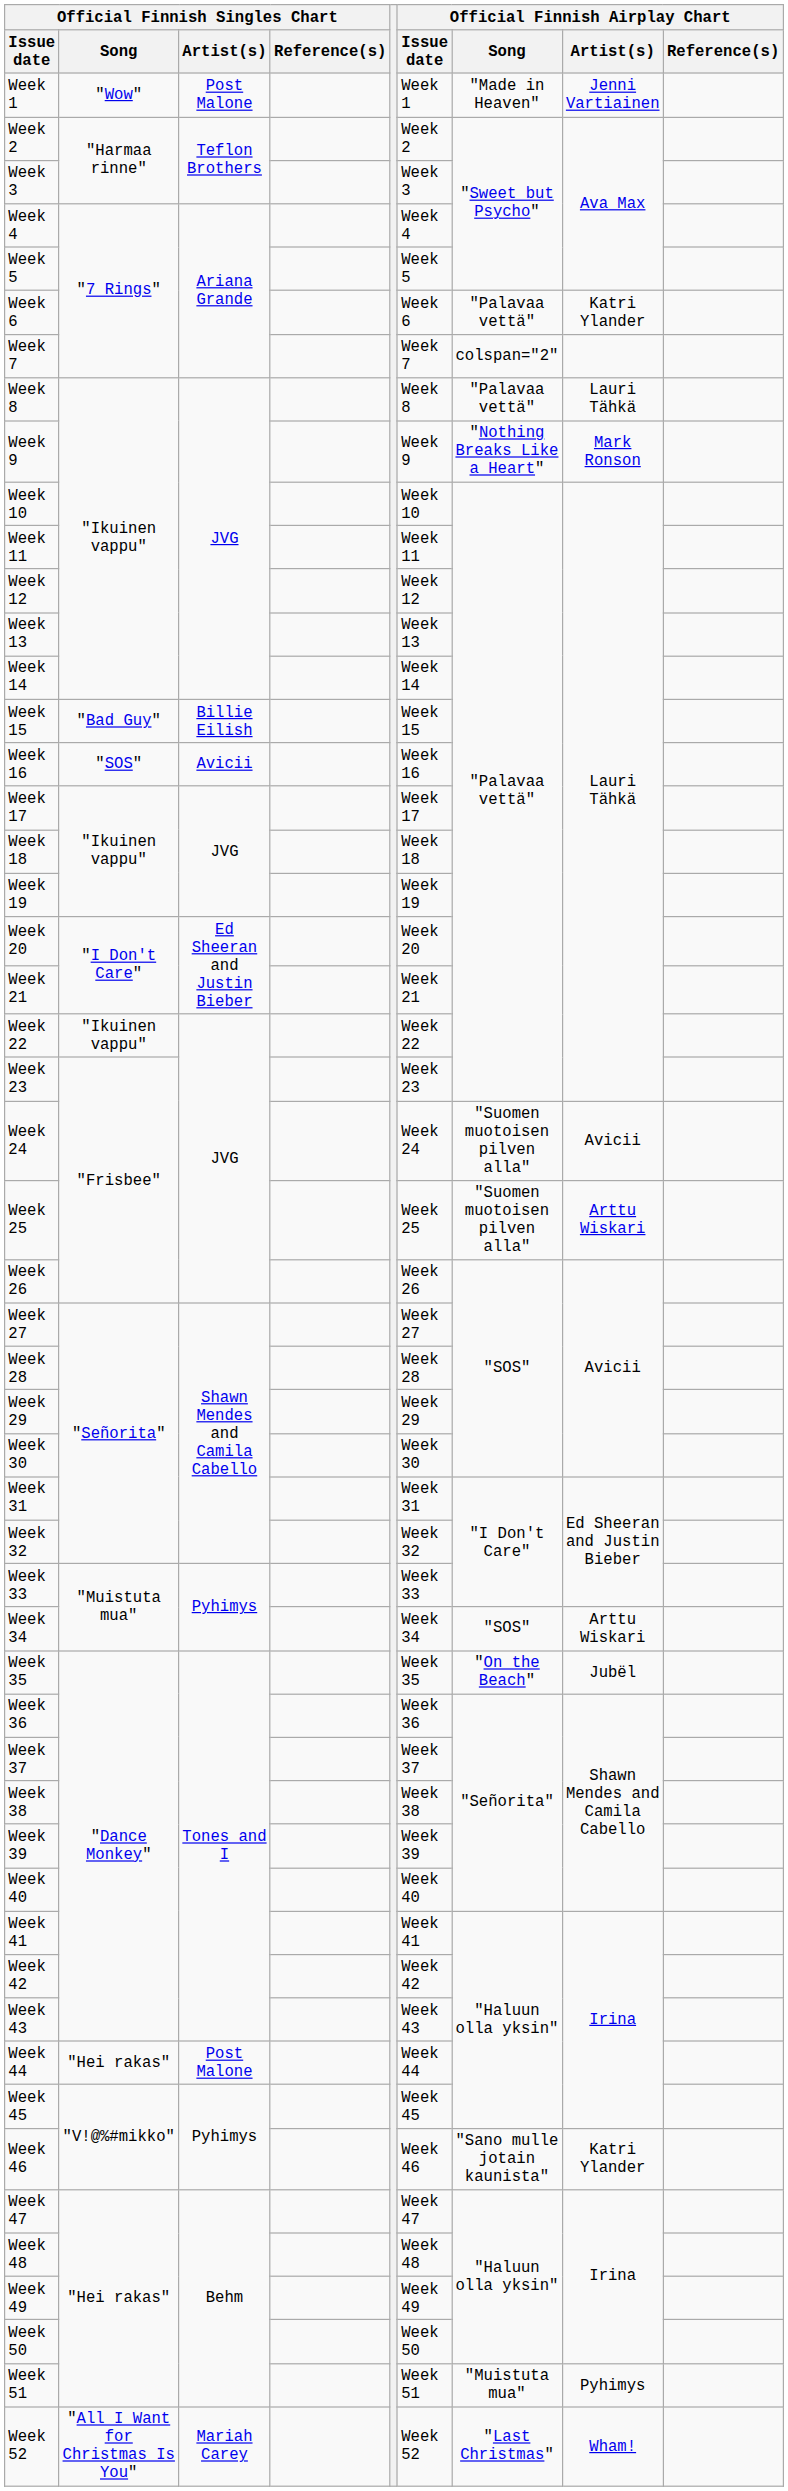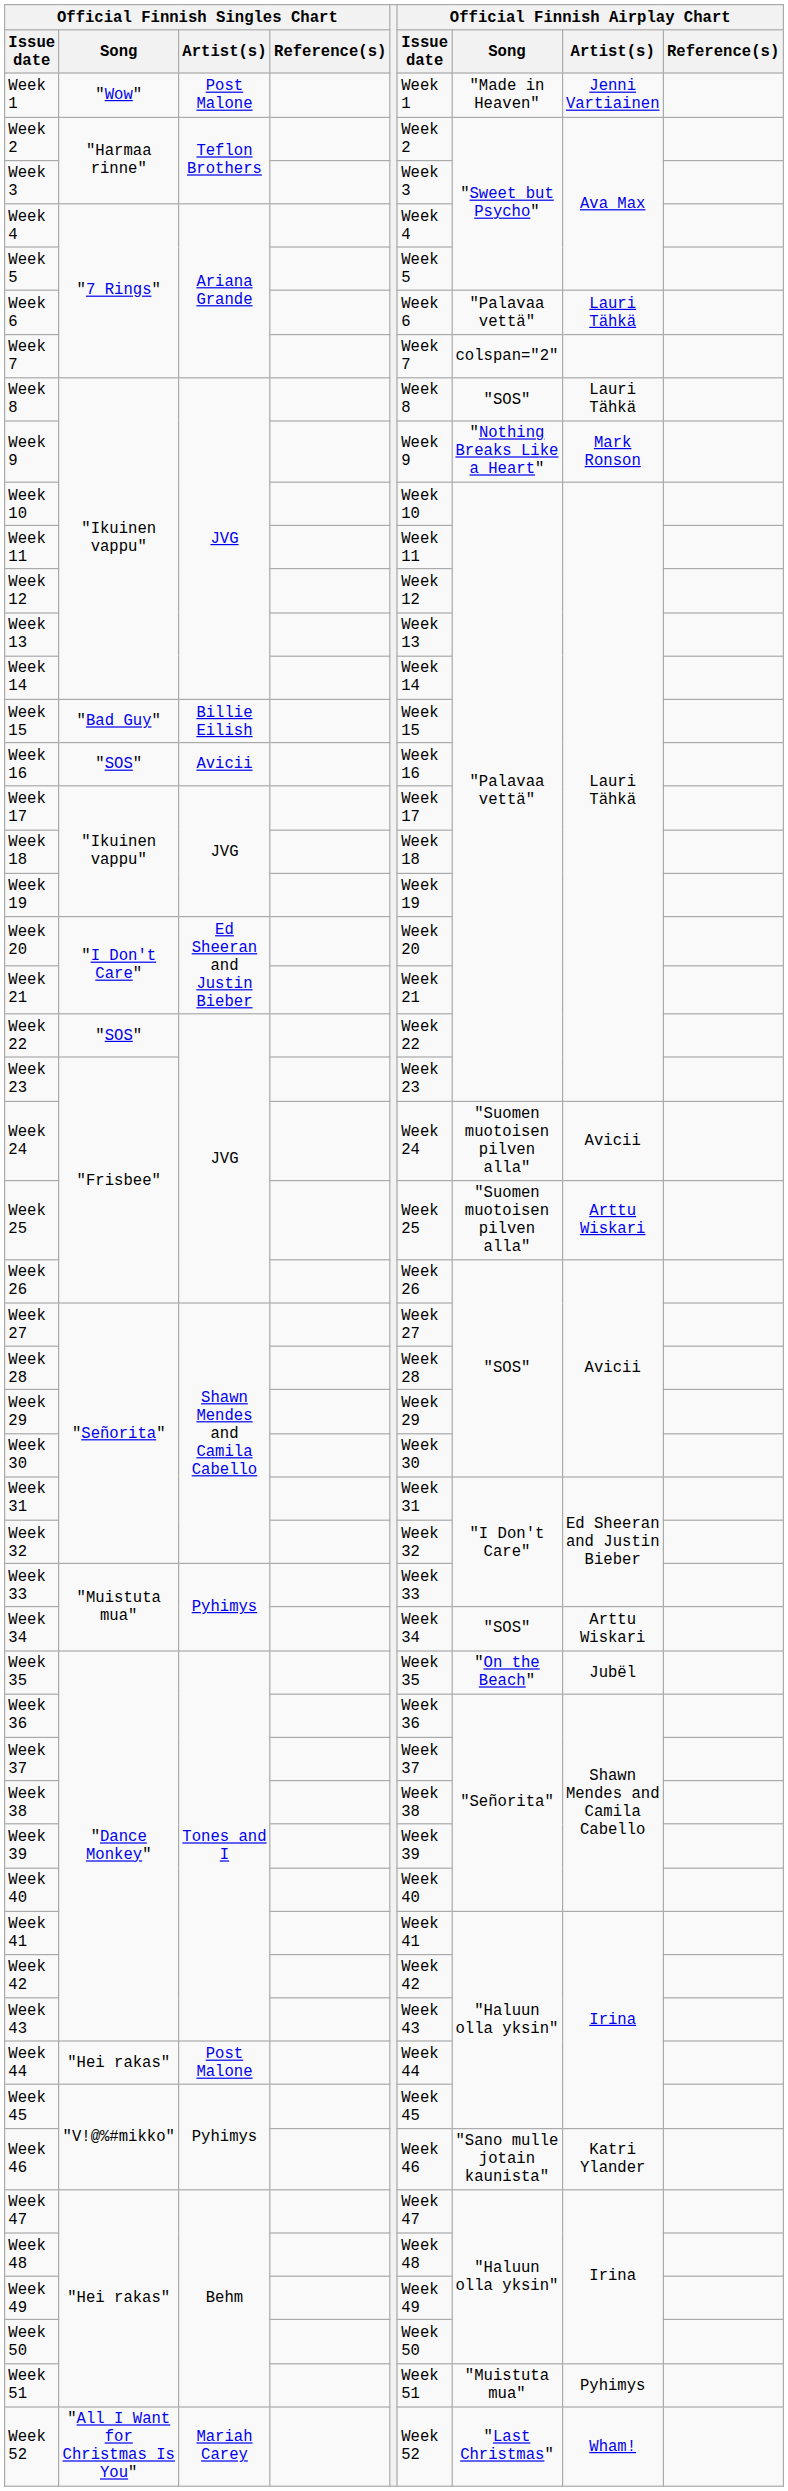 <table class="wikitable">
 <tr>
 <th style="text-align: center;" colspan="4">Official Finnish Singles Chart</th>
 <th style="text-align: center;" colspan="1" rowspan="54"></th>
 <th style="text-align: center;" colspan="4">Official Finnish Airplay Chart</th>
 </tr>
 <tr>
 <th style="text-align: center;">Issue date</th>
 <th style="text-align: center;">Song</th>
 <th style="text-align: center;">Artist(s)</th>
 <th style="text-align: center;">Reference(s)</th>
 <th style="text-align: center;">Issue date</th>
 <th style="text-align: center;">Song</th>
 <th style="text-align: center;">Artist(s)</th>
 <th style="text-align: center;">Reference(s)</th>
 </tr>
 <tr>
 <td>Week 1</td>
 <td style="text-align: center;">"<a href='#'>Wow</a>"</td>
 <td style="text-align: center;"><a href='#'>Post Malone</a></td>
 <td style="text-align: center;"></td>
 <td style="text-align: left;">Week 1</td>
 <td style="text-align: center;">"Made in Heaven"</td>
 <td style="text-align: center;"><a href='#'>Jenni Vartiainen</a></td>
 <td style="text-align: center;"></td>
 </tr>
 <tr>
 <td>Week 2</td>
 <td style="text-align: center;" rowspan="2">"Harmaa rinne"</td>
 <td style="text-align: center;" rowspan="2"><a href='#'>Teflon Brothers</a></td>
 <td style="text-align: center;"></td>
 <td style="text-align: left;">Week 2</td>
 <td style="text-align: center;" rowspan="4">"<a href='#'>Sweet but Psycho</a>"</td>
 <td style="text-align: center;" rowspan="4"><a href='#'>Ava Max</a></td>
 <td style="text-align: center;"></td>
 </tr>
 <tr>
 <td>Week 3</td>
 <td style="text-align: center;"></td>
 <td style="text-align: left;">Week 3</td>
 <td style="text-align: center;"></td>
 </tr>
 <tr>
 <td>Week 4</td>
 <td style="text-align: center;" rowspan="4">"<a href='#'>7 Rings</a>"</td>
 <td style="text-align: center;" rowspan="4"><a href='#'>Ariana Grande</a></td>
 <td style="text-align: center;"></td>
 <td style="text-align: left;">Week 4</td>
 <td style="text-align: center;"></td>
 </tr>
 <tr>
 <td>Week 5</td>
 <td style="text-align: center;"></td>
 <td style="text-align: left;">Week 5</td>
 <td style="text-align: center;"></td>
 </tr>
 <tr>
 <td>Week 6</td>
 <td style="text-align: center;"></td>
 <td style="text-align: left;">Week 6</td>
 <td style="text-align: center;">"Palavaa vettä"</td>
-<td style="text-align: center;">Katri Ylander</td>
+<td style="text-align: center;"><a href='#'>Lauri Tähkä</a></td>
 <td style="text-align: center;"></td>
 </tr>
 <tr>
 <td>Week 7</td>
 <td style="text-align: center;"></td>
 <td style="text-align: left;">Week 7</td>
 <td>colspan="2" </td>
 <td style="text-align: center;"></td>
 </tr>
 <tr>
 <td>Week 8</td>
 <td style="text-align: center;" rowspan="7">"Ikuinen vappu"</td>
 <td style="text-align: center;" rowspan="7"><a href='#'>JVG</a></td>
 <td style="text-align: center;"></td>
 <td style="text-align: left;">Week 8</td>
-<td style="text-align: center;">"Palavaa vettä"</td>
+<td style="text-align: center;">"SOS"</td>
 <td style="text-align: center;">Lauri Tähkä</td>
 <td style="text-align: center;"></td>
 </tr>
 <tr>
 <td>Week 9</td>
 <td style="text-align: center;"></td>
 <td style="text-align: left;">Week 9</td>
 <td style="text-align: center;">"<a href='#'>Nothing Breaks Like a Heart</a>"</td>
 <td style="text-align: center;"><a href='#'>Mark Ronson</a><br></td>
 <td style="text-align: center;"></td>
 </tr>
 <tr>
 <td>Week 10</td>
 <td style="text-align: center;"></td>
 <td style="text-align: left;">Week 10</td>
 <td style="text-align: center;" rowspan="14">"Palavaa vettä"</td>
 <td style="text-align: center;" rowspan="14">Lauri Tähkä</td>
 <td style="text-align: center;"></td>
 </tr>
 <tr>
 <td>Week 11</td>
 <td style="text-align: center;"></td>
 <td style="text-align: left;">Week 11</td>
 <td style="text-align: center;"></td>
 </tr>
 <tr>
 <td>Week 12</td>
 <td style="text-align: center;"></td>
 <td style="text-align: left;">Week 12</td>
 <td style="text-align: center;"></td>
 </tr>
 <tr>
 <td>Week 13</td>
 <td style="text-align: center;"></td>
 <td style="text-align: left;">Week 13</td>
 <td style="text-align: center;"></td>
 </tr>
 <tr>
 <td>Week 14</td>
 <td style="text-align: center;"></td>
 <td style="text-align: left;">Week 14</td>
 <td style="text-align: center;"></td>
 </tr>
 <tr>
 <td>Week 15</td>
 <td style="text-align: center;">"<a href='#'>Bad Guy</a>"</td>
 <td style="text-align: center;"><a href='#'>Billie Eilish</a></td>
 <td style="text-align: center;"></td>
 <td style="text-align: left;">Week 15</td>
 <td style="text-align: center;"></td>
 </tr>
 <tr>
 <td>Week 16</td>
 <td style="text-align: center;">"<a href='#'>SOS</a>"</td>
 <td style="text-align: center;"><a href='#'>Avicii</a><br></td>
 <td style="text-align: center;"></td>
 <td style="text-align: left;">Week 16</td>
 <td style="text-align: center;"></td>
 </tr>
 <tr>
 <td>Week 17</td>
 <td style="text-align: center;" rowspan="3">"Ikuinen vappu"</td>
 <td style="text-align: center;" rowspan="3">JVG</td>
 <td style="text-align: center;"></td>
 <td style="text-align: left;">Week 17</td>
 <td style="text-align: center;"></td>
 </tr>
 <tr>
 <td>Week 18</td>
 <td style="text-align: center;"></td>
 <td style="text-align: left;">Week 18</td>
 <td style="text-align: center;"></td>
 </tr>
 <tr>
 <td>Week 19</td>
 <td style="text-align: center;"></td>
 <td style="text-align: left;">Week 19</td>
 <td style="text-align: center;"></td>
 </tr>
 <tr>
 <td>Week 20</td>
 <td style="text-align: center;" rowspan="2">"<a href='#'>I Don't Care</a>"</td>
 <td style="text-align: center;" rowspan="2"><a href='#'>Ed Sheeran</a> and <a href='#'>Justin Bieber</a></td>
 <td style="text-align: center;"></td>
 <td style="text-align: left;">Week 20</td>
 <td style="text-align: center;"></td>
 </tr>
 <tr>
 <td>Week 21</td>
 <td style="text-align: center;"></td>
 <td style="text-align: left;">Week 21</td>
 <td style="text-align: center;"></td>
 </tr>
 <tr>
 <td>Week 22</td>
-<td style="text-align: center;">"Ikuinen vappu"</td>
+<td style="text-align: center;">"<a href='#'>SOS</a>"</td>
 <td style="text-align: center;" rowspan="5">JVG</td>
 <td style="text-align: center;"></td>
 <td style="text-align: left;">Week 22</td>
 <td style="text-align: center;"></td>
 </tr>
 <tr>
 <td>Week 23</td>
 <td style="text-align: center;" rowspan="4">"Frisbee"</td>
 <td style="text-align: center;"></td>
 <td style="text-align: left;">Week 23</td>
 <td style="text-align: center;"></td>
 </tr>
 <tr>
 <td>Week 24</td>
 <td style="text-align: center;"></td>
 <td style="text-align: left;">Week 24</td>
 <td style="text-align: center;">"Suomen muotoisen pilven alla"</td>
 <td style="text-align: center;">Avicii<br></td>
 <td style="text-align: center;"></td>
 </tr>
 <tr>
 <td>Week 25</td>
 <td style="text-align: center;"></td>
 <td style="text-align: left;">Week 25</td>
 <td style="text-align: center;">"Suomen muotoisen pilven alla"</td>
 <td style="text-align: center;"><a href='#'>Arttu Wiskari</a></td>
 <td style="text-align: center;"></td>
 </tr>
 <tr>
 <td>Week 26</td>
 <td style="text-align: center;"></td>
 <td style="text-align: left;">Week 26</td>
 <td style="text-align: center;" rowspan="5">"SOS"</td>
 <td style="text-align: center;" rowspan="5">Avicii<br></td>
 <td style="text-align: center;"></td>
 </tr>
 <tr>
 <td>Week 27</td>
 <td style="text-align: center;" rowspan="6">"<a href='#'>Señorita</a>"</td>
 <td style="text-align: center;" rowspan="6"><a href='#'>Shawn Mendes</a> and <a href='#'>Camila Cabello</a></td>
 <td style="text-align: center;"></td>
 <td style="text-align: left;">Week 27</td>
 <td style="text-align: center;"></td>
 </tr>
 <tr>
 <td>Week 28</td>
 <td style="text-align: center;"></td>
 <td style="text-align: left;">Week 28</td>
 <td style="text-align: center;"></td>
 </tr>
 <tr>
 <td>Week 29</td>
 <td style="text-align: center;"></td>
 <td style="text-align: left;">Week 29</td>
 <td style="text-align: center;"></td>
 </tr>
 <tr>
 <td>Week 30</td>
 <td style="text-align: center;"></td>
 <td style="text-align: left;">Week 30</td>
 <td style="text-align: center;"></td>
 </tr>
 <tr>
 <td>Week 31</td>
 <td style="text-align: center;"></td>
 <td style="text-align: left;">Week 31</td>
 <td style="text-align: center;" rowspan="3">"I Don't Care"</td>
 <td style="text-align: center;" rowspan="3">Ed Sheeran and Justin Bieber</td>
 <td style="text-align: center;"></td>
 </tr>
 <tr>
 <td>Week 32</td>
 <td style="text-align: center;"></td>
 <td style="text-align: left;">Week 32</td>
 <td style="text-align: center;"></td>
 </tr>
 <tr>
 <td>Week 33</td>
 <td style="text-align: center;" rowspan="2">"Muistuta mua"</td>
 <td style="text-align: center;" rowspan="2"><a href='#'>Pyhimys</a></td>
 <td style="text-align: center;"></td>
 <td style="text-align: left;">Week 33</td>
 <td style="text-align: center;"></td>
 </tr>
 <tr>
 <td>Week 34</td>
 <td style="text-align: center;"></td>
 <td style="text-align: left;">Week 34</td>
 <td style="text-align: center;">"SOS"</td>
 <td style="text-align: center;">Arttu Wiskari</td>
 <td style="text-align: center;"></td>
 </tr>
 <tr>
 <td>Week 35</td>
 <td style="text-align: center;" rowspan="9">"<a href='#'>Dance Monkey</a>"</td>
 <td style="text-align: center;" rowspan="9"><a href='#'>Tones and I</a></td>
 <td style="text-align: center;"></td>
 <td style="text-align: left;">Week 35</td>
 <td style="text-align: center;">"<a href='#'>On the Beach</a>"</td>
 <td style="text-align: center;">Jubël</td>
 <td style="text-align: center;"></td>
 </tr>
 <tr>
 <td>Week 36</td>
 <td style="text-align: center;"></td>
 <td style="text-align: left;">Week 36</td>
 <td style="text-align: center;" rowspan="5">"Señorita"</td>
 <td style="text-align: center;" rowspan="5">Shawn Mendes and Camila Cabello</td>
 <td style="text-align: center;"></td>
 </tr>
 <tr>
 <td>Week 37</td>
 <td style="text-align: center;"></td>
 <td style="text-align: left;">Week 37</td>
 <td style="text-align: center;"></td>
 </tr>
 <tr>
 <td>Week 38</td>
 <td style="text-align: center;"></td>
 <td style="text-align: left;">Week 38</td>
 <td style="text-align: center;"></td>
 </tr>
 <tr>
 <td>Week 39</td>
 <td style="text-align: center;"></td>
 <td style="text-align: left;">Week 39</td>
 <td style="text-align: center;"></td>
 </tr>
 <tr>
 <td>Week 40</td>
 <td style="text-align: center;"></td>
 <td style="text-align: left;">Week 40</td>
 <td style="text-align: center;"></td>
 </tr>
 <tr>
 <td>Week 41</td>
 <td style="text-align: center;"></td>
 <td style="text-align: left;">Week 41</td>
 <td style="text-align: center;" rowspan="5">"Haluun olla yksin"</td>
 <td style="text-align: center;" rowspan="5"><a href='#'>Irina</a></td>
 <td style="text-align: center;"></td>
 </tr>
 <tr>
 <td>Week 42</td>
 <td style="text-align: center;"></td>
 <td style="text-align: left;">Week 42</td>
 <td style="text-align: center;"></td>
 </tr>
 <tr>
 <td>Week 43</td>
 <td style="text-align: center;"></td>
 <td style="text-align: left;">Week 43</td>
 <td style="text-align: center;"></td>
 </tr>
 <tr>
 <td>Week 44</td>
 <td style="text-align: center;">"Hei rakas"</td>
 <td style="text-align: center;"><a href='#'>Post Malone</a></td>
 <td style="text-align: center;"></td>
 <td style="text-align: left;">Week 44</td>
 <td style="text-align: center;"></td>
 </tr>
 <tr>
 <td>Week 45</td>
 <td style="text-align: center;" rowspan="2">"V!@%#mikko"</td>
 <td style="text-align: center;" rowspan="2">Pyhimys</td>
 <td style="text-align: center;"></td>
 <td style="text-align: left;">Week 45</td>
 <td style="text-align: center;"></td>
 </tr>
 <tr>
 <td>Week 46</td>
 <td style="text-align: center;"></td>
 <td style="text-align: left;">Week 46</td>
 <td style="text-align: center;">"Sano mulle jotain kaunista"</td>
 <td style="text-align: center;">Katri Ylander</td>
 <td style="text-align: center;"></td>
 </tr>
 <tr>
 <td>Week 47</td>
 <td style="text-align: center;" rowspan="5">"Hei rakas"</td>
 <td style="text-align: center;" rowspan="5">Behm</td>
 <td style="text-align: center;"></td>
 <td style="text-align: left;">Week 47</td>
 <td style="text-align: center;" rowspan="4">"Haluun olla yksin"</td>
 <td style="text-align: center;" rowspan="4">Irina</td>
 <td style="text-align: center;"></td>
 </tr>
 <tr>
 <td>Week 48</td>
 <td style="text-align: center;"></td>
 <td style="text-align: left;">Week 48</td>
 <td style="text-align: center;"></td>
 </tr>
 <tr>
 <td>Week 49</td>
 <td style="text-align: center;"></td>
 <td style="text-align: left;">Week 49</td>
 <td style="text-align: center;"></td>
 </tr>
 <tr>
 <td>Week 50</td>
 <td style="text-align: center;"></td>
 <td style="text-align: left;">Week 50</td>
 <td style="text-align: center;"></td>
 </tr>
 <tr>
 <td>Week 51</td>
 <td style="text-align: center;"></td>
 <td style="text-align: left;">Week 51</td>
 <td style="text-align: center;">"Muistuta mua"</td>
 <td style="text-align: center;">Pyhimys</td>
 <td style="text-align: center;"></td>
 </tr>
 <tr>
 <td>Week 52</td>
 <td style="text-align: center;">"<a href='#'>All I Want for Christmas Is You</a>"</td>
 <td style="text-align: center;"><a href='#'>Mariah Carey</a></td>
 <td style="text-align: center;"></td>
 <td style="text-align: left;">Week 52</td>
 <td style="text-align: center;">"<a href='#'>Last Christmas</a>"</td>
 <td style="text-align: center;"><a href='#'>Wham!</a></td>
 <td style="text-align: center;"></td>
 </tr>
 </table>
